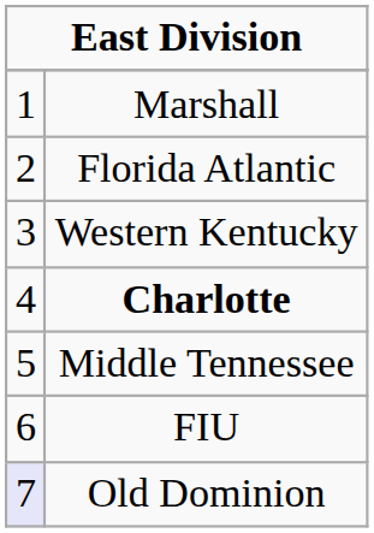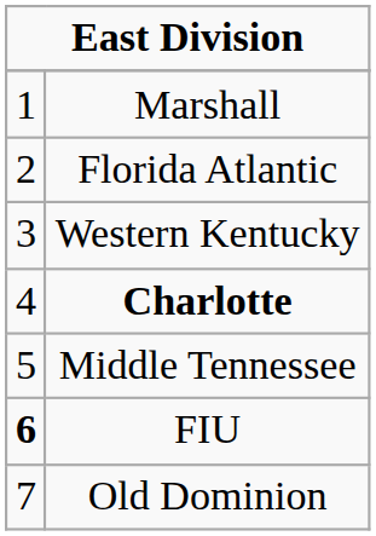 <table class="wikitable">
 <tr align="center">
 <td align="center" Colspan="2"><strong>East Division</strong></td>
 </tr>
 <tr align="center">
 </tr>
 <tr align="center">
 <td>1</td>
 <td>Marshall</td>
 </tr>
 <tr align="center">
 <td>2</td>
 <td>Florida Atlantic</td>
 </tr>
 <tr align="center">
 <td>3</td>
 <td>Western Kentucky</td>
 </tr>
 <tr align="center">
 <td>4</td>
 <td><strong>Charlotte</strong></td>
 </tr>
 <tr align="center">
 <td>5</td>
 <td>Middle Tennessee</td>
 </tr>
 <tr align="center">
-<td>6</td>
+<td><strong>6</strong></td>
 <td>FIU</td>
 </tr>
 <tr align="center">
-<td style="background: lavender;">7</td>
+<td>7</td>
 <td>Old Dominion</td>
 </tr>
 </table>
